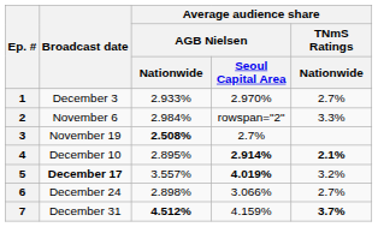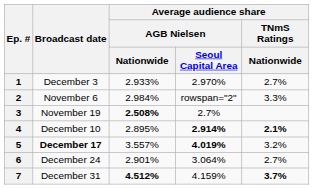 <table class="wikitable" style="text-align:center">
 <tr>
 <th rowspan="3">Ep. #</th>
 <th rowspan="3">Broadcast date</th>
 <th colspan="3">Average audience share</th>
 </tr>
 <tr>
 <th colspan="2">AGB Nielsen</th>
 <th colspan="1">TNmS Ratings</th>
 </tr>
 <tr>
 <th width=100>Nationwide</th>
 <th width=100><a href='#'>Seoul Capital Area</a></th>
 <th width=100>Nationwide</th>
 </tr>
 <tr>
 <th>1</th>
 <td>December 3</td>
 <td>2.933%</td>
 <td>2.970%</td>
 <td>2.7%</td>
 </tr>
 <tr>
 <th>2</th>
 <td>November 6</td>
 <td>2.984%</td>
 <td>rowspan="2" </td>
 <td>3.3%</td>
 </tr>
 <tr>
 <th>3</th>
 <td>November 19</td>
 <td><span><strong>2.508%</strong></span></td>
 <td>2.7%</td>
 </tr>
 <tr>
 <th>4</th>
 <td>December 10</td>
 <td>2.895%</td>
 <td><span><strong>2.914%</strong></span></td>
 <td><span><strong>2.1%</strong></span></td>
 </tr>
 <tr>
 <th>5</th>
 <td><strong>December 17</strong></td>
 <td>3.557%</td>
 <td><span><strong>4.019%</strong></span></td>
 <td>3.2%</td>
 </tr>
 <tr>
 <th>6</th>
 <td>December 24</td>
-<td>2.898%</td>
-<td>3.066%</td>
+<td>2.901%</td>
+<td>3.064%</td>
 <td>2.7%</td>
 </tr>
 <tr>
 <th>7</th>
 <td>December 31</td>
 <td><span><strong>4.512%</strong></span></td>
 <td>4.159%</td>
 <td><span><strong>3.7%</strong></span></td>
 </tr>
 </table>
